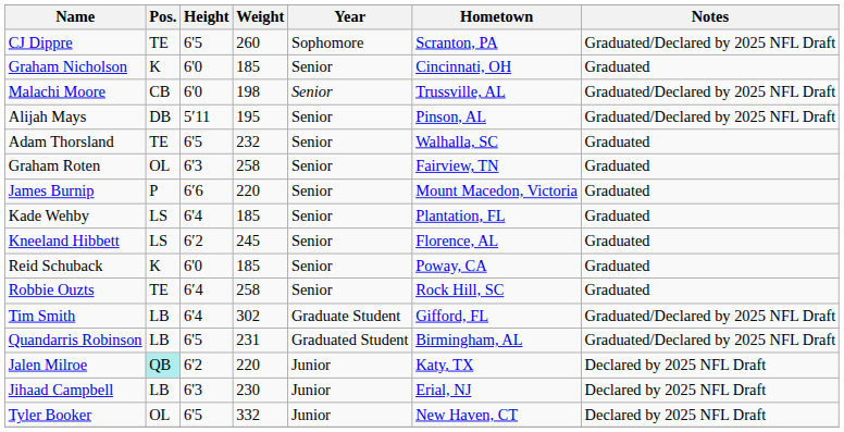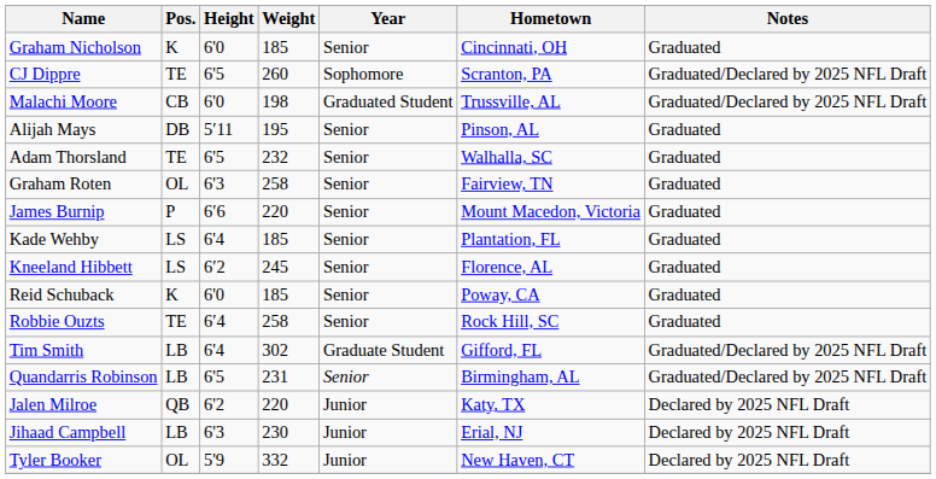 <table class="wikitable sortable collapsible">
 <tr>
 </tr>
 <tr>
 <th style="text-align:center; ">Name</th>
 <th style="text-align:center; ">Pos.</th>
 <th style="text-align:center; ">Height</th>
 <th style="text-align:center; ">Weight</th>
 <th style="text-align:center; ">Year</th>
 <th style="text-align:center; ">Hometown</th>
 <th style="text-align:center; ">Notes</th>
 </tr>
 <tr>
+<td><a href='#'>Graham Nicholson</a></td>
+<td>K</td>
+<td>6'0</td>
+<td>185</td>
+<td>Senior</td>
+<td><a href='#'>Cincinnati, OH</a></td>
+<td>Graduated</td>
+</tr>
+<tr>
 <td><a href='#'>CJ Dippre</a></td>
 <td>TE</td>
 <td>6'5</td>
 <td>260</td>
 <td>Sophomore</td>
 <td><a href='#'>Scranton, PA</a></td>
 <td>Graduated/Declared by 2025 NFL Draft</td>
 </tr>
 <tr>
-<td><a href='#'>Graham Nicholson</a></td>
-<td>K</td>
-<td>6'0</td>
-<td>185</td>
-<td>Senior</td>
-<td><a href='#'>Cincinnati, OH</a></td>
-<td>Graduated</td>
-</tr>
-<tr>
 <td><a href='#'>Malachi Moore</a></td>
 <td>CB</td>
 <td>6'0</td>
 <td>198</td>
-<td><em> Senior</em></td>
+<td>Graduated Student</td>
 <td><a href='#'>Trussville, AL</a></td>
 <td>Graduated/Declared by 2025 NFL Draft</td>
 </tr>
 <tr>
 <td>Alijah Mays</td>
 <td>DB</td>
 <td>5′11</td>
 <td>195</td>
 <td>Senior</td>
 <td><a href='#'>Pinson, AL</a></td>
-<td>Graduated/Declared by 2025 NFL Draft</td>
+<td>Graduated</td>
 </tr>
 <tr>
 <td>Adam Thorsland</td>
 <td>TE</td>
 <td>6'5</td>
 <td>232</td>
 <td>Senior</td>
 <td><a href='#'>Walhalla, SC</a></td>
 <td>Graduated</td>
 </tr>
 <tr>
 <td>Graham Roten</td>
 <td>OL</td>
 <td>6'3</td>
 <td>258</td>
 <td>Senior</td>
 <td><a href='#'>Fairview, TN</a></td>
 <td>Graduated</td>
 </tr>
 <tr>
 <td><a href='#'>James Burnip</a></td>
 <td>P</td>
 <td>6′6</td>
 <td>220</td>
 <td> Senior</td>
 <td><a href='#'>Mount Macedon, Victoria</a></td>
 <td>Graduated</td>
 </tr>
 <tr>
 <td>Kade Wehby</td>
 <td>LS</td>
 <td>6'4</td>
 <td>185</td>
 <td>Senior</td>
 <td><a href='#'>Plantation, FL</a></td>
 <td>Graduated</td>
 </tr>
 <tr>
 <td><a href='#'>Kneeland Hibbett</a></td>
 <td>LS</td>
 <td>6′2</td>
 <td>245</td>
 <td>Senior</td>
 <td><a href='#'>Florence, AL</a></td>
 <td>Graduated</td>
 </tr>
 <tr>
 <td>Reid Schuback</td>
 <td>K</td>
 <td>6'0</td>
 <td>185</td>
 <td>Senior</td>
 <td><a href='#'>Poway, CA</a></td>
 <td>Graduated</td>
 </tr>
 <tr>
 <td><a href='#'>Robbie Ouzts</a></td>
 <td>TE</td>
 <td>6′4</td>
 <td>258</td>
 <td>Senior</td>
 <td><a href='#'>Rock Hill, SC</a></td>
 <td>Graduated</td>
 </tr>
 <tr>
 <td><a href='#'>Tim Smith</a></td>
 <td>LB</td>
 <td>6'4</td>
 <td>302</td>
 <td>Graduate Student</td>
 <td><a href='#'>Gifford, FL</a></td>
 <td>Graduated/Declared by 2025 NFL Draft</td>
 </tr>
 <tr>
 <td><a href='#'>Quandarris Robinson</a></td>
 <td>LB</td>
 <td>6'5</td>
 <td>231</td>
-<td>Graduated Student</td>
+<td><em> Senior</em></td>
 <td><a href='#'>Birmingham, AL</a></td>
 <td>Graduated/Declared by 2025 NFL Draft</td>
 </tr>
 <tr>
 <td><a href='#'>Jalen Milroe</a></td>
-<td style="background: paleturquoise;">QB</td>
+<td>QB</td>
 <td>6'2</td>
 <td>220</td>
 <td> Junior</td>
 <td><a href='#'>Katy, TX</a></td>
 <td>Declared by 2025 NFL Draft</td>
 </tr>
 <tr>
 <td><a href='#'>Jihaad Campbell</a></td>
 <td>LB</td>
 <td>6'3</td>
 <td>230</td>
 <td>Junior</td>
 <td><a href='#'>Erial, NJ</a></td>
 <td>Declared by 2025 NFL Draft</td>
 </tr>
 <tr>
 <td><a href='#'>Tyler Booker</a></td>
 <td>OL</td>
-<td>6'5</td>
+<td>5'9</td>
 <td>332</td>
 <td>Junior</td>
 <td><a href='#'>New Haven, CT</a></td>
 <td>Declared by 2025 NFL Draft</td>
 </tr>
 <tr>
 </tr>
 </table>
